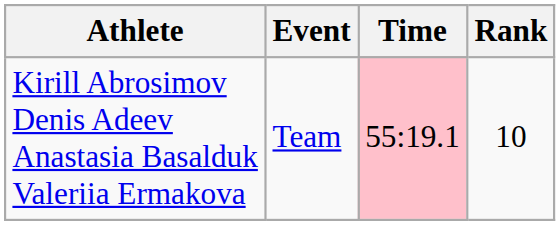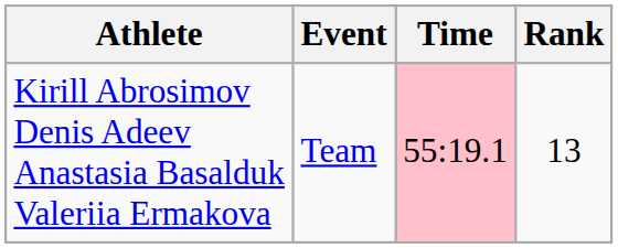 <table class="wikitable" style="text-align:center; font-size:90%">
 <tr>
 <th>Athlete</th>
 <th>Event</th>
 <th>Time</th>
 <th>Rank</th>
 </tr>
 <tr>
 <td align=left><a href='#'>Kirill Abrosimov</a><br><a href='#'>Denis Adeev</a><br><a href='#'>Anastasia Basalduk</a><br><a href='#'>Valeriia Ermakova</a></td>
 <td align=left><a href='#'>Team</a></td>
 <td style="background: pink;">55:19.1</td>
-<td>10</td>
+<td>13</td>
 </tr>
 </table>
